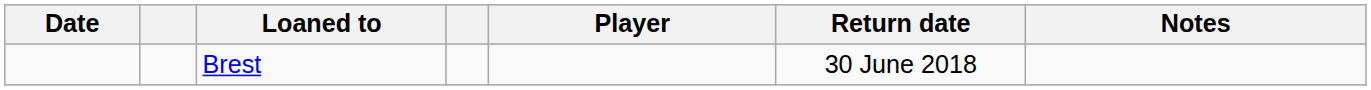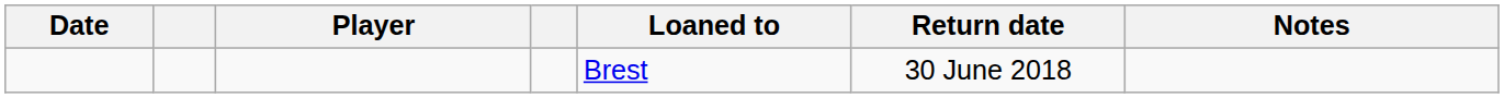 <table class="wikitable sortable">
 <tr>
 <th style="width:80px;">Date</th>
 <th style="width:30px;"></th>
+<th style="width:180px;">Player</th>
+<th style="width:20px;"></th>
 <th style="width:155px;">Loaned to</th>
-<th style="width:20px;"></th>
-<th style="width:180px;">Player</th>
 <th style="width:155px;" class="unsortable">Return date</th>
 <th style="width:215px;" class="unsortable">Notes</th>
 </tr>
 <tr>
 <td></td>
 <td align=center></td>
+<td> </td>
+<td></td>
 <td> <a href='#'>Brest</a></td>
-<td></td>
-<td> </td>
 <td align=center>30 June 2018</td>
 <td align=center></td>
 </tr>
 </table>
